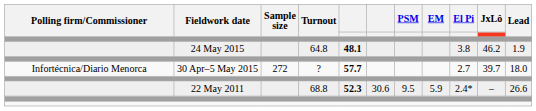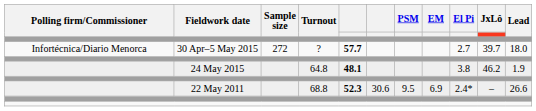 <table class="wikitable collapsible collapsed" style="text-align:center; font-size:95%; line-height:16px;">
 <tr style="height:42px;">
 <th style="width:250px;" rowspan="2">Polling firm/Commissioner</th>
 <th style="width:125px;" rowspan="2">Fieldwork date</th>
 <th style="width:50px;" rowspan="2">Sample size</th>
 <th style="width:45px;" rowspan="2">Turnout</th>
 <th style="width:35px;"></th>
 <th style="width:35px;"></th>
 <th style="width:35px;"><a href='#'>PSM</a></th>
 <th style="width:35px;"><a href='#'>EM</a></th>
 <th style="width:35px;"><a href='#'>El Pi</a></th>
 <th style="width:35px;">JxLô</th>
 <th style="width:30px;" rowspan="2">Lead</th>
 </tr>
 <tr>
 <th style="color:inherit;background:"></th>
 <th style="color:inherit;background:"></th>
 <th style="color:inherit;background:"></th>
 <th style="color:inherit;background:"></th>
 <th style="color:inherit;background:"></th>
 <th style="color:inherit;background:#F9371E;"></th>
 </tr>
 <tr>
 <td colspan="11" style="background:#A0A0A0"></td>
 </tr>
-<tr style="background:#EFEFEF;">
-<td><strong></strong></td>
-<td>24 May 2015</td>
-<td></td>
-<td>64.8</td>
-<td><strong>48.1</strong><br></td>
-<td></td>
-<td></td>
-<td></td>
-<td>3.8<br></td>
-<td>46.2<br></td>
-<td style="background:">1.9</td>
-</tr>
-<tr>
-<td colspan="11" style="background:#A0A0A0"></td>
-</tr>
 <tr>
 <td>Infortécnica/Diario Menorca</td>
 <td>30 Apr–5 May 2015</td>
 <td>272</td>
 <td>?</td>
 <td><strong>57.7</strong><br></td>
 <td></td>
 <td></td>
 <td></td>
 <td>2.7<br></td>
 <td>39.7<br></td>
 <td style="background:">18.0</td>
 </tr>
 <tr>
 <td colspan="11" style="background:#A0A0A0"></td>
 </tr>
 <tr style="background:#EFEFEF;">
 <td><strong></strong></td>
+<td>24 May 2015</td>
+<td></td>
+<td>64.8</td>
+<td><strong>48.1</strong><br></td>
+<td></td>
+<td></td>
+<td></td>
+<td>3.8<br></td>
+<td>46.2<br></td>
+<td style="background:">1.9</td>
+</tr>
+<tr>
+<td colspan="11" style="background:#A0A0A0"></td>
+</tr>
+<tr style="background:#EFEFEF;">
+<td><strong></strong></td>
 <td>22 May 2011</td>
 <td></td>
 <td>68.8</td>
 <td><strong>52.3</strong><br></td>
 <td>30.6<br></td>
 <td>9.5<br></td>
-<td>5.9<br></td>
+<td>6.9<br></td>
 <td>2.4*<br></td>
 <td>–</td>
 <td style="background:">26.6</td>
 </tr>
 <tr>
 <td colspan="11" style="background:#A0A0A0"></td>
 </tr>
 <tr>
 <td align="left" colspan="11"></td>
 </tr>
 </table>
